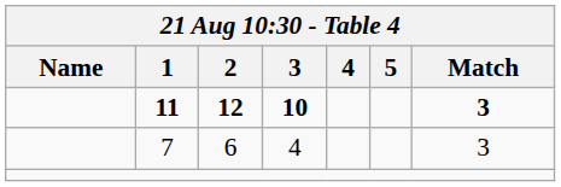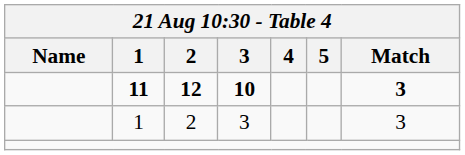 <table class=wikitable style="text-align:center; width: 55%">
 <tr>
 <th colspan=17><em>21 Aug 10:30 - Table 4</em></th>
 </tr>
 <tr>
 <th>Name</th>
 <th>1</th>
 <th>2</th>
 <th>3</th>
 <th>4</th>
 <th>5</th>
 <th>Match</th>
 </tr>
 <tr>
 <td style="text-align:left;"><strong></strong></td>
 <td><strong>11</strong></td>
 <td><strong>12</strong></td>
 <td><strong>10</strong></td>
 <td></td>
 <td></td>
 <td><strong>3</strong></td>
 </tr>
 <tr>
 <td style="text-align:left;"></td>
-<td>7</td>
-<td>6</td>
-<td>4</td>
+<td>1</td>
+<td>2</td>
+<td>3</td>
 <td></td>
 <td></td>
 <td>3</td>
 </tr>
 <tr>
 <td colspan=17></td>
 </tr>
 </table>
